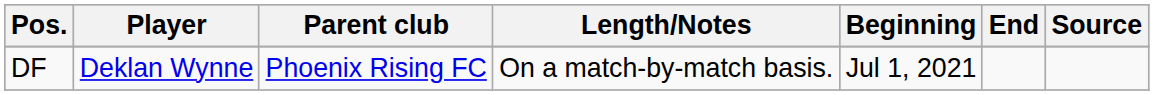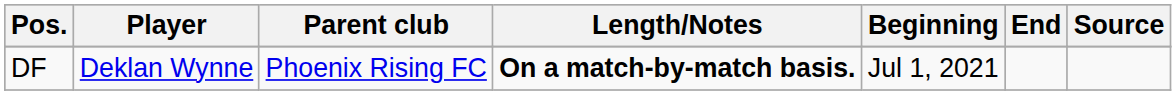 <table class="wikitable sortable" style="text-align: left">
 <tr>
 <th><strong>Pos.</strong></th>
 <th><strong>Player</strong></th>
 <th><strong>Parent club</strong></th>
 <th><strong>Length/Notes</strong></th>
 <th><strong>Beginning</strong></th>
 <th><strong>End</strong></th>
 <th><strong>Source</strong></th>
 </tr>
 <tr>
 </tr>
 <tr>
 <td>DF</td>
 <td> <a href='#'>Deklan Wynne</a></td>
 <td> <a href='#'>Phoenix Rising FC</a></td>
-<td>On a match-by-match basis.</td>
+<td><strong>On a match-by-match basis.</strong></td>
 <td>Jul 1, 2021</td>
 <td></td>
 <td align=center></td>
 </tr>
 </table>
